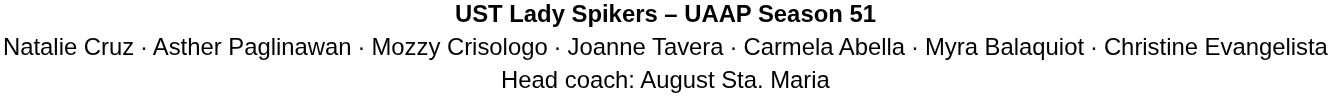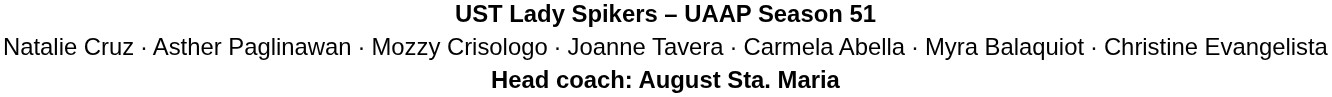 <table class='toccolours mw-collapsible mw-collapsed' width=100% style=font-size:95%>
 <tr>
 <th style=>UST Lady Spikers – UAAP Season 51</th>
 </tr>
 <tr align=center>
 <td>Natalie Cruz ∙ Asther Paglinawan ∙ Mozzy Crisologo ∙ Joanne Tavera ∙ Carmela Abella ∙ Myra Balaquiot ∙ Christine Evangelista</td>
 </tr>
 <tr align=center>
-<td>Head coach: August Sta. Maria</td>
+<td><strong>Head coach: August Sta. Maria</strong></td>
 </tr>
 </table>
